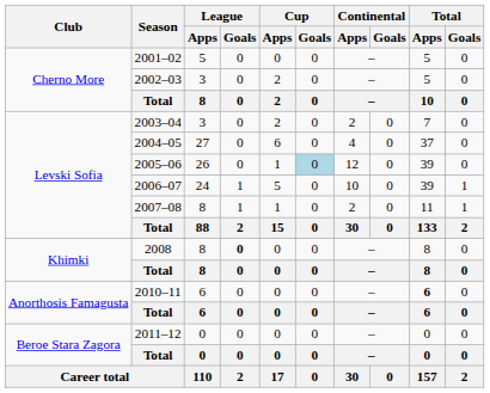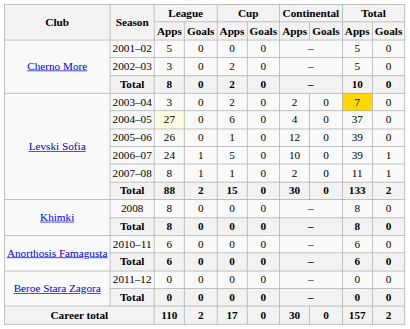 <table class="wikitable" style="text-align: center;">
 <tr>
 <th rowspan=2>Club</th>
 <th rowspan=2>Season</th>
 <th colspan=2>League</th>
 <th colspan=2>Cup</th>
 <th colspan=2>Continental</th>
 <th colspan=2>Total</th>
 </tr>
 <tr>
 <th>Apps</th>
 <th>Goals</th>
 <th>Apps</th>
 <th>Goals</th>
 <th>Apps</th>
 <th>Goals</th>
 <th>Apps</th>
 <th>Goals</th>
 </tr>
 <tr>
 <td rowspan=3><a href='#'>Cherno More</a></td>
 <td>2001–02</td>
 <td>5</td>
 <td>0</td>
 <td>0</td>
 <td>0</td>
 <td colspan=2>–</td>
 <td>5</td>
 <td>0</td>
 </tr>
 <tr>
 <td>2002–03</td>
 <td>3</td>
 <td>0</td>
 <td>2</td>
 <td>0</td>
 <td colspan=2>–</td>
 <td>5</td>
 <td>0</td>
 </tr>
 <tr>
 <th>Total</th>
 <th>8</th>
 <th>0</th>
 <th>2</th>
 <th>0</th>
 <th colspan=2>–</th>
 <th>10</th>
 <th>0</th>
 </tr>
 <tr>
 <td rowspan=6><a href='#'>Levski Sofia</a></td>
 <td>2003–04</td>
 <td>3</td>
 <td>0</td>
 <td>2</td>
 <td>0</td>
 <td>2</td>
 <td>0</td>
-<td>7</td>
+<td style="background: gold;">7</td>
 <td>0</td>
 </tr>
 <tr>
 <td>2004–05</td>
-<td>27</td>
+<td style="background: lightyellow;">27</td>
 <td>0</td>
 <td>6</td>
 <td>0</td>
 <td>4</td>
 <td>0</td>
 <td>37</td>
 <td>0</td>
 </tr>
 <tr>
 <td>2005–06</td>
 <td>26</td>
 <td>0</td>
 <td>1</td>
-<td style="background: lightblue;">0</td>
+<td>0</td>
 <td>12</td>
 <td>0</td>
 <td>39</td>
 <td>0</td>
 </tr>
 <tr>
 <td>2006–07</td>
 <td>24</td>
 <td>1</td>
 <td>5</td>
 <td>0</td>
 <td>10</td>
 <td>0</td>
 <td>39</td>
 <td>1</td>
 </tr>
 <tr>
 <td>2007–08</td>
 <td>8</td>
 <td>1</td>
 <td>1</td>
 <td>0</td>
 <td>2</td>
 <td>0</td>
 <td>11</td>
 <td>1</td>
 </tr>
 <tr>
 <th>Total</th>
 <th>88</th>
 <th>2</th>
 <th>15</th>
 <th>0</th>
 <th>30</th>
 <th>0</th>
 <th>133</th>
 <th>2</th>
 </tr>
 <tr>
 <td rowspan=2><a href='#'>Khimki</a></td>
 <td>2008</td>
 <td>8</td>
-<td><strong>0</strong></td>
+<td>0</td>
 <td>0</td>
 <td>0</td>
 <td colspan=2>–</td>
 <td>8</td>
 <td>0</td>
 </tr>
 <tr>
 <th>Total</th>
 <th>8</th>
 <th>0</th>
 <th>0</th>
 <th>0</th>
 <th colspan=2>–</th>
 <th>8</th>
 <th>0</th>
 </tr>
 <tr>
 <td rowspan=2><a href='#'>Anorthosis Famagusta</a></td>
 <td>2010–11</td>
 <td>6</td>
 <td>0</td>
 <td>0</td>
 <td>0</td>
 <td colspan=2>–</td>
-<td><strong>6</strong></td>
+<td>6</td>
 <td>0</td>
 </tr>
 <tr>
 <th>Total</th>
 <th>6</th>
 <th>0</th>
 <th>0</th>
 <th>0</th>
 <th colspan=2>–</th>
 <th>6</th>
 <th>0</th>
 </tr>
 <tr>
 <td rowspan=2><a href='#'>Beroe Stara Zagora</a></td>
 <td>2011–12</td>
 <td>0</td>
 <td>0</td>
 <td>0</td>
 <td>0</td>
 <td colspan=2>–</td>
 <td>0</td>
 <td>0</td>
 </tr>
 <tr>
 <th>Total</th>
 <th>0</th>
 <th>0</th>
 <th>0</th>
 <th>0</th>
 <th colspan=2>–</th>
 <th>0</th>
 <th>0</th>
 </tr>
 <tr>
 <th colspan=2>Career total</th>
 <th>110</th>
 <th>2</th>
 <th>17</th>
 <th>0</th>
 <th>30</th>
 <th>0</th>
 <th>157</th>
 <th>2</th>
 </tr>
 </table>
